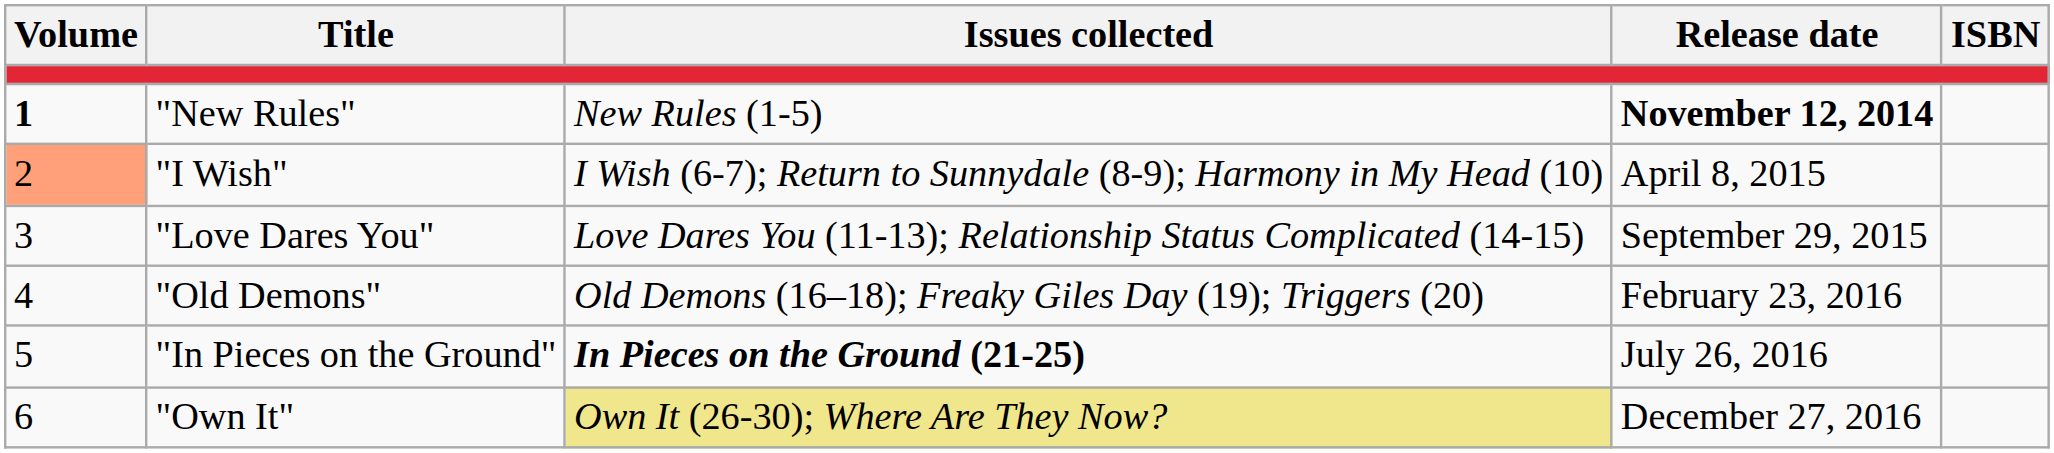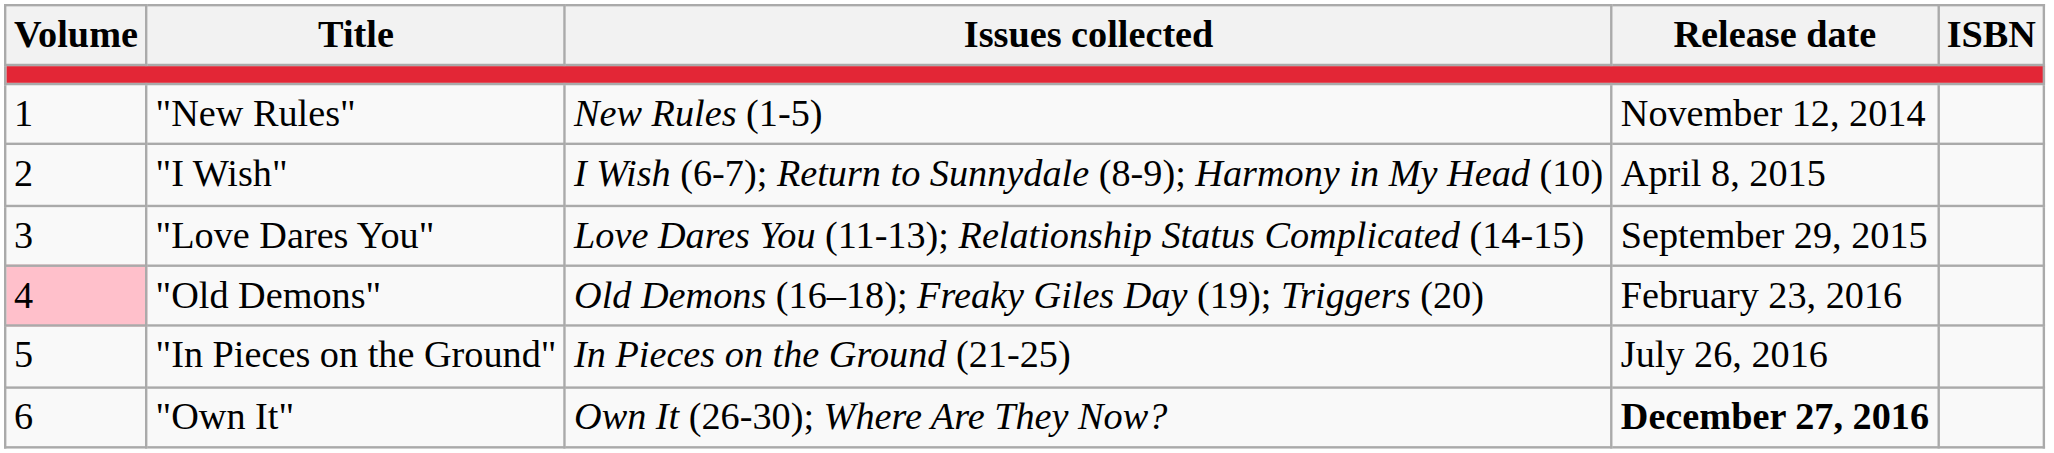 <table class="wikitable">
 <tr>
 <th>Volume</th>
 <th>Title</th>
 <th>Issues collected</th>
 <th>Release date</th>
 <th>ISBN</th>
 </tr>
 <tr>
 <td colspan="5" style="background:#e32636;"></td>
 </tr>
 <tr>
-<td><strong>1</strong></td>
+<td>1</td>
 <td>"New Rules"</td>
 <td><em>New Rules</em> (1-5)</td>
-<td><strong>November 12, 2014</strong></td>
+<td>November 12, 2014</td>
 <td></td>
 </tr>
 <tr>
-<td style="background: lightsalmon;">2</td>
+<td>2</td>
 <td>"I Wish"</td>
 <td><em>I Wish</em> (6-7); <em>Return to Sunnydale</em> (8-9); <em>Harmony in My Head</em> (10)</td>
 <td>April 8, 2015</td>
 <td></td>
 </tr>
 <tr>
 <td>3</td>
 <td>"Love Dares You"</td>
 <td><em>Love Dares You</em> (11-13); <em>Relationship Status Complicated</em> (14-15)</td>
 <td>September 29, 2015</td>
 <td></td>
 </tr>
 <tr>
-<td>4</td>
+<td style="background: pink;">4</td>
 <td>"Old Demons"</td>
 <td><em>Old Demons</em> (16–18); <em>Freaky Giles Day</em> (19); <em>Triggers</em> (20)</td>
 <td>February 23, 2016</td>
 <td></td>
 </tr>
 <tr>
 <td>5</td>
 <td>"In Pieces on the Ground"</td>
-<td><strong><em>In Pieces on the Ground</em> (21-25)</strong></td>
+<td><em>In Pieces on the Ground</em> (21-25)</td>
 <td>July 26, 2016</td>
 <td></td>
 </tr>
 <tr>
 <td>6</td>
 <td>"Own It"</td>
-<td style="background: khaki;"><em>Own It</em> (26-30); <em>Where Are They Now?</em></td>
-<td>December 27, 2016</td>
+<td><em>Own It</em> (26-30); <em>Where Are They Now?</em></td>
+<td><strong>December 27, 2016</strong></td>
 <td></td>
 </tr>
 </table>
